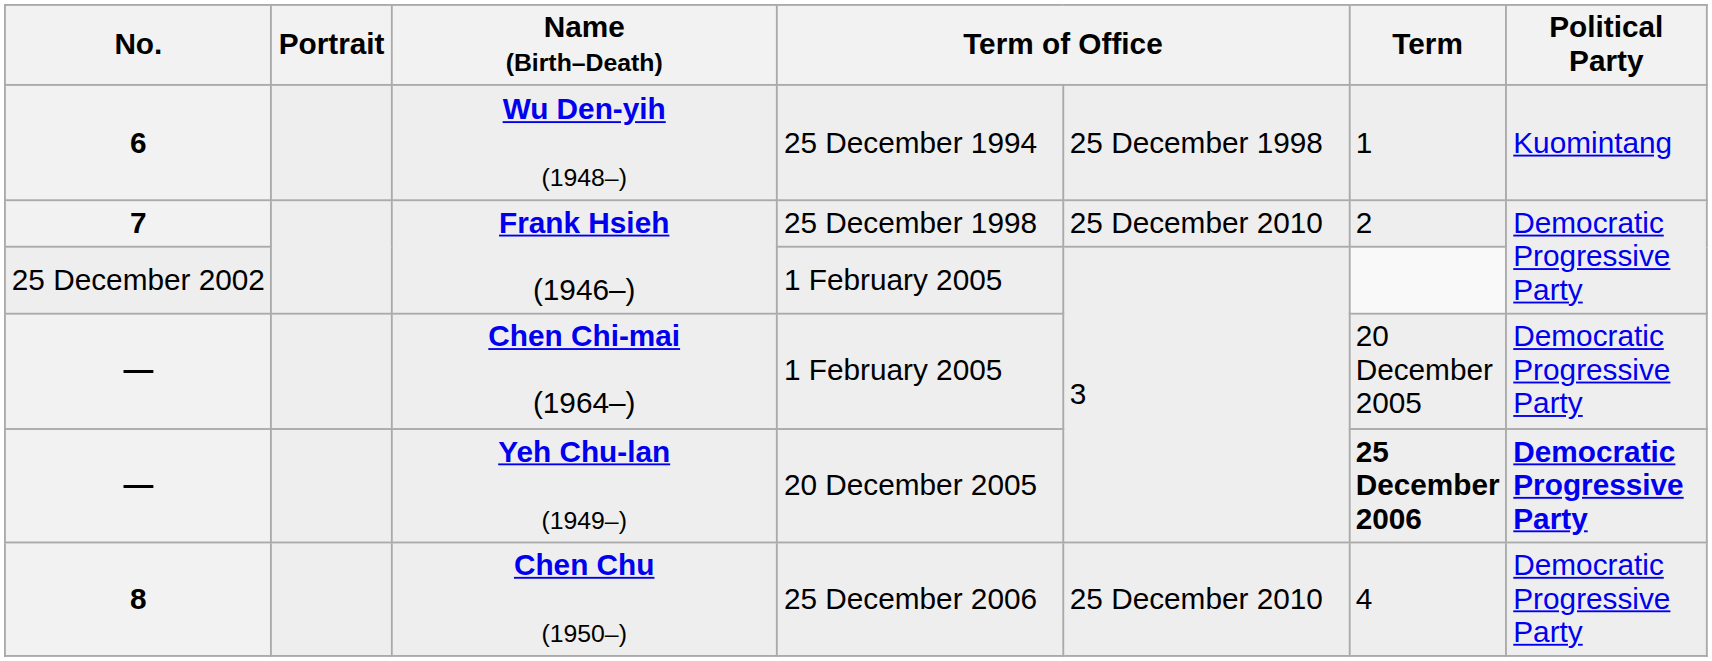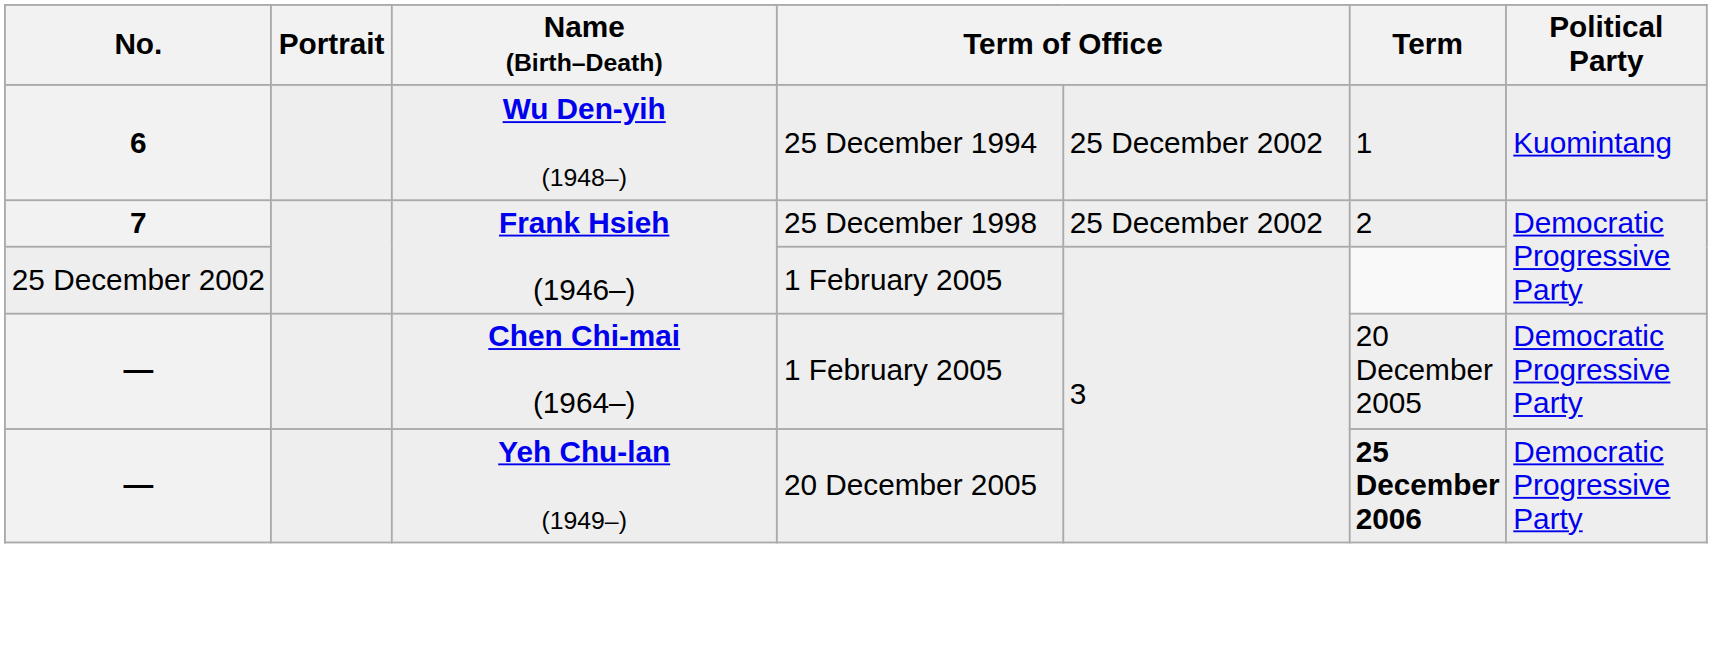 <table class=wikitable>
 <tr>
 <th>No.</th>
 <th>Portrait</th>
 <th width="200">Name<br><small>(Birth–Death)</small></th>
 <th colspan=2 width="300">Term of Office</th>
 <th width = "50">Term</th>
 <th width="100">Political Party</th>
 </tr>
 <tr - bgcolor=#EEEEEE>
 <th style="background:">6</th>
 <td></td>
 <td align=center><strong><a href='#'>Wu Den-yih</a></strong><br><br><small>(1948–)</small></td>
 <td>25 December 1994</td>
-<td>25 December 1998</td>
+<td>25 December 2002</td>
 <td>1</td>
 <td><a href='#'>Kuomintang</a></td>
 </tr>
 <tr - bgcolor=#EEEEEE>
 <th style="background:">7</th>
 <td rowspan=2></td>
 <td rowspan=2 align=center><strong><a href='#'>Frank Hsieh</a></strong><br><br>(1946–)</td>
 <td>25 December 1998</td>
-<td>25 December 2010</td>
+<td>25 December 2002</td>
 <td>2</td>
 <td rowspan=2><a href='#'>Democratic Progressive Party</a></td>
 </tr>
 <tr - bgcolor=#EEEEEE>
 <td>25 December 2002</td>
 <td>1 February 2005</td>
 <td rowspan=3>3</td>
 </tr>
 <tr - bgcolor=#EEEEEE>
 <th style="background:">—</th>
 <td></td>
 <td align=center><strong><a href='#'>Chen Chi-mai</a></strong> <br><br>(1964–)</td>
 <td>1 February 2005</td>
 <td>20 December 2005</td>
 <td><a href='#'>Democratic Progressive Party</a></td>
 </tr>
 <tr - bgcolor=#EEEEEE>
 <th style="background:">—</th>
 <td></td>
 <td align=center><strong><a href='#'>Yeh Chu-lan</a></strong><br><br><small>(1949–)</small></td>
 <td>20 December 2005</td>
 <td><strong>25 December 2006</strong></td>
-<td><strong><a href='#'>Democratic Progressive Party</a></strong></td>
-</tr>
-<tr - bgcolor=#EEEEEE>
-<th style="background:">8</th>
-<td></td>
-<td align=center><strong><a href='#'>Chen Chu</a></strong><br><br><small>(1950–)</small></td>
-<td>25 December 2006</td>
-<td>25 December 2010</td>
-<td>4</td>
 <td><a href='#'>Democratic Progressive Party</a></td>
 </tr>
 </table>
